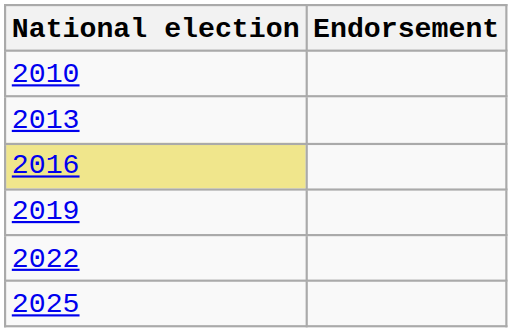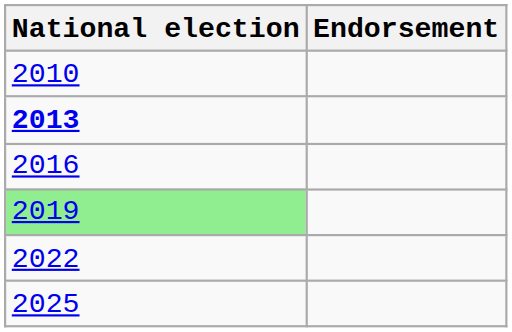 <table class="wikitable">
 <tr>
 <th>National election</th>
 <th colspan="2">Endorsement</th>
 </tr>
 <tr>
 <td><a href='#'>2010</a></td>
 <td></td>
 </tr>
 <tr>
-<td><a href='#'>2013</a></td>
+<td><strong><a href='#'>2013</a></strong></td>
 <td></td>
 </tr>
 <tr>
-<td style="background: khaki;"><a href='#'>2016</a></td>
+<td><a href='#'>2016</a></td>
 <td></td>
 </tr>
 <tr>
-<td><a href='#'>2019</a></td>
+<td style="background: lightgreen;"><a href='#'>2019</a></td>
 <td></td>
 </tr>
 <tr>
 <td><a href='#'>2022</a></td>
 <td></td>
 </tr>
 <tr>
 <td><a href='#'>2025</a></td>
 <td></td>
 </tr>
 </table>
